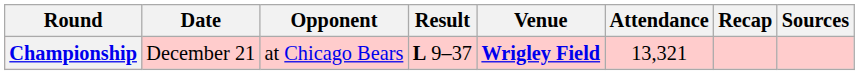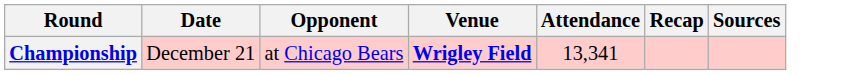 <table class="wikitable" style="text-align:center">
 <tr>
 <th>Round</th>
 <th>Date</th>
 <th>Opponent</th>
-<th>Result</th>
 <th>Venue</th>
 <th>Attendance</th>
 <th>Recap</th>
 <th>Sources</th>
 </tr>
 <tr style="background:#fcc">
 <th><a href='#'>Championship</a></th>
 <td>December 21</td>
 <td>at <a href='#'>Chicago Bears</a></td>
-<td><strong>L</strong> 9–37</td>
 <td><strong><a href='#'>Wrigley Field</a></strong></td>
-<td>13,321</td>
+<td>13,341</td>
 <td></td>
 <td></td>
 </tr>
 </table>
